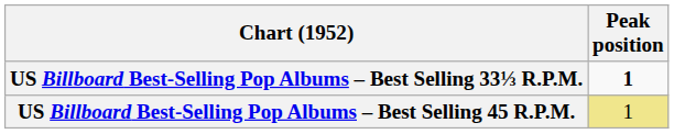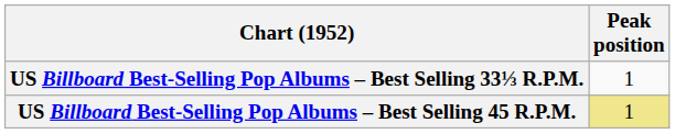 <table class="wikitable plainrowheaders" style="text-align:center">
 <tr>
 <th scope="col">Chart (1952)</th>
 <th scope="col">Peak<br>position</th>
 </tr>
 <tr>
 <th scope="row" align="left">US <a href='#'><em>Billboard</em> Best-Selling Pop Albums</a> – Best Selling 33⅓ R.P.M.</th>
-<td><strong>1</strong></td>
+<td>1</td>
 </tr>
 <tr>
 <th scope="row" align="left">US <a href='#'><em>Billboard</em> Best-Selling Pop Albums</a> – Best Selling 45 R.P.M.</th>
 <td style="background: khaki;">1</td>
 </tr>
 </table>
